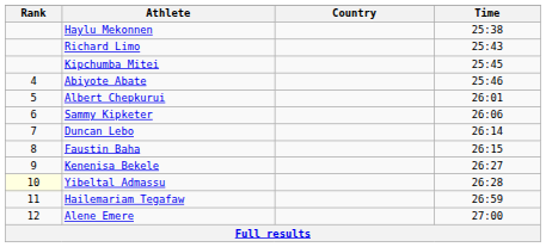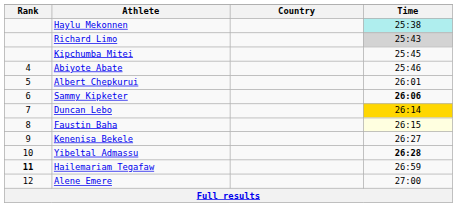 <table class="wikitable sortable" style=" text-align:center; font-size:95%;" width="50%">
 <tr>
 </tr>
 <tr>
 <th width=5%>Rank</th>
 <th width=20%>Athlete</th>
 <th width=15%>Country</th>
 <th width=10%>Time</th>
 </tr>
 <tr>
 <td align=center></td>
 <td align=left><a href='#'>Haylu Mekonnen</a></td>
 <td align=left></td>
-<td>25:38</td>
+<td style="background: paleturquoise;">25:38</td>
 </tr>
 <tr>
 <td align=center></td>
 <td align=left><a href='#'>Richard Limo</a></td>
 <td align=left></td>
-<td>25:43</td>
+<td style="background: lightgrey;">25:43</td>
 </tr>
 <tr>
 <td align=center></td>
 <td align=left><a href='#'>Kipchumba Mitei</a></td>
 <td align=left></td>
 <td>25:45</td>
 </tr>
 <tr>
 <td align=center>4</td>
 <td align=left><a href='#'>Abiyote Abate</a></td>
 <td align=left></td>
 <td>25:46</td>
 </tr>
 <tr>
 <td align=center>5</td>
 <td align=left><a href='#'>Albert Chepkurui</a></td>
 <td align=left></td>
 <td>26:01</td>
 </tr>
 <tr>
 <td align=center>6</td>
 <td align=left><a href='#'>Sammy Kipketer</a></td>
 <td align=left></td>
-<td>26:06</td>
+<td><strong>26:06</strong></td>
 </tr>
 <tr>
 <td align=center>7</td>
 <td align=left><a href='#'>Duncan Lebo</a></td>
 <td align=left></td>
-<td>26:14</td>
+<td style="background: gold;">26:14</td>
 </tr>
 <tr>
 <td align=center>8</td>
 <td align=left><a href='#'>Faustin Baha</a></td>
 <td align=left></td>
-<td>26:15</td>
+<td style="background: lightyellow;">26:15</td>
 </tr>
 <tr>
 <td align=center>9</td>
 <td align=left><a href='#'>Kenenisa Bekele</a></td>
 <td align=left></td>
 <td>26:27</td>
 </tr>
 <tr>
-<td align=center style="background: lightyellow;">10</td>
+<td align=center>10</td>
 <td align=left><a href='#'>Yibeltal Admassu</a></td>
 <td align=left></td>
-<td>26:28</td>
+<td><strong>26:28</strong></td>
 </tr>
 <tr>
-<td align=center>11</td>
+<td align=center><strong>11</strong></td>
 <td align=left><a href='#'>Hailemariam Tegafaw</a></td>
 <td align=left></td>
 <td>26:59</td>
 </tr>
 <tr>
 <td align=center>12</td>
 <td align=left><a href='#'>Alene Emere</a></td>
 <td align=left></td>
 <td>27:00</td>
 </tr>
 <tr class="sortbottom">
 <th colspan=4 align=center><a href='#'>Full results</a></th>
 </tr>
 </table>
